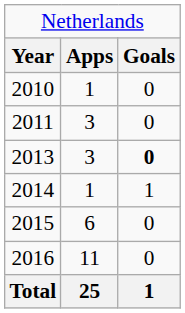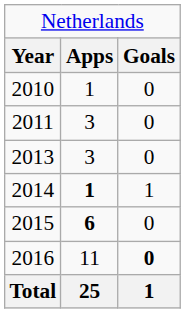 <table class="wikitable" style="text-align:center">
 <tr>
 <td colspan=3><a href='#'>Netherlands</a></td>
 </tr>
 <tr>
 <th>Year</th>
 <th>Apps</th>
 <th>Goals</th>
 </tr>
 <tr>
 <td>2010</td>
 <td>1</td>
 <td>0</td>
 </tr>
 <tr>
 <td>2011</td>
 <td>3</td>
 <td>0</td>
 </tr>
 <tr>
 <td>2013</td>
 <td>3</td>
-<td><strong>0</strong></td>
+<td>0</td>
 </tr>
 <tr>
 <td>2014</td>
-<td>1</td>
+<td><strong>1</strong></td>
 <td>1</td>
 </tr>
 <tr>
 <td>2015</td>
-<td>6</td>
+<td><strong>6</strong></td>
 <td>0</td>
 </tr>
 <tr>
 <td>2016</td>
 <td>11</td>
-<td>0</td>
+<td><strong>0</strong></td>
 </tr>
 <tr>
 <th>Total</th>
 <th>25</th>
 <th>1</th>
 </tr>
 </table>
